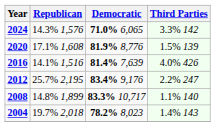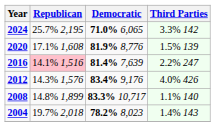 <table class="wikitable" style="float:right; font-size:95%;">
 <tr bgcolor=lightgrey>
 <th>Year</th>
 <th><a href='#'>Republican</a></th>
 <th><a href='#'>Democratic</a></th>
 <th><a href='#'>Third Parties</a></th>
 </tr>
 <tr>
 <td style="text-align:center; "><strong><a href='#'>2024</a></strong></td>
-<td style="text-align:center; ">14.3% <em>1,576</em></td>
+<td style="text-align:center; ">25.7% <em>2,195</em></td>
 <td style="text-align:center; "><strong>71.0%</strong>  <em>6,065</em></td>
 <td style="text-align:center; background:honeyDew;">3.3% <em>142</em></td>
 </tr>
 <tr>
 <td style="text-align:center; "><strong><a href='#'>2020</a></strong></td>
 <td style="text-align:center; ">17.1% <em>1,608</em></td>
 <td style="text-align:center; "><strong>81.9%</strong>  <em>8,776</em></td>
 <td style="text-align:center; background:honeyDew;">1.5% <em>139</em></td>
 </tr>
 <tr>
 <td style="text-align:center; "><strong><a href='#'>2016</a></strong></td>
-<td style="text-align:center; ">14.1% <em>1,516</em></td>
+<td style="background: pink; text-align:center; ">14.1% <em>1,516</em></td>
 <td style="text-align:center; "><strong>81.4%</strong>  <em>7,639</em></td>
-<td style="text-align:center; background:honeyDew;">4.0% <em>426</em></td>
+<td style="text-align:center; background:honeyDew;">2.2% <em>247</em></td>
 </tr>
 <tr>
 <td style="text-align:center; "><strong><a href='#'>2012</a></strong></td>
-<td style="text-align:center; ">25.7% <em>2,195</em></td>
+<td style="text-align:center; ">14.3% <em>1,576</em></td>
 <td style="text-align:center; "><strong>83.4%</strong>  <em>9,176</em></td>
-<td style="text-align:center; background:honeyDew;">2.2% <em>247</em></td>
+<td style="text-align:center; background:honeyDew;">4.0% <em>426</em></td>
 </tr>
 <tr>
 <td style="text-align:center; "><strong><a href='#'>2008</a></strong></td>
 <td style="text-align:center; ">14.8% <em>1,899</em></td>
 <td style="text-align:center; "><strong>83.3%</strong>  <em>10,717</em></td>
 <td style="text-align:center; background:honeyDew;">1.1% <em>140</em></td>
 </tr>
 <tr>
 <td style="text-align:center; "><strong><a href='#'>2004</a></strong></td>
 <td style="text-align:center; ">19.7% <em>2,018</em></td>
 <td style="text-align:center; "><strong>78.2%</strong>  <em>8,023</em></td>
 <td style="text-align:center; background:honeyDew;">1.4% <em>143</em></td>
 </tr>
 <tr>
 </tr>
 </table>
